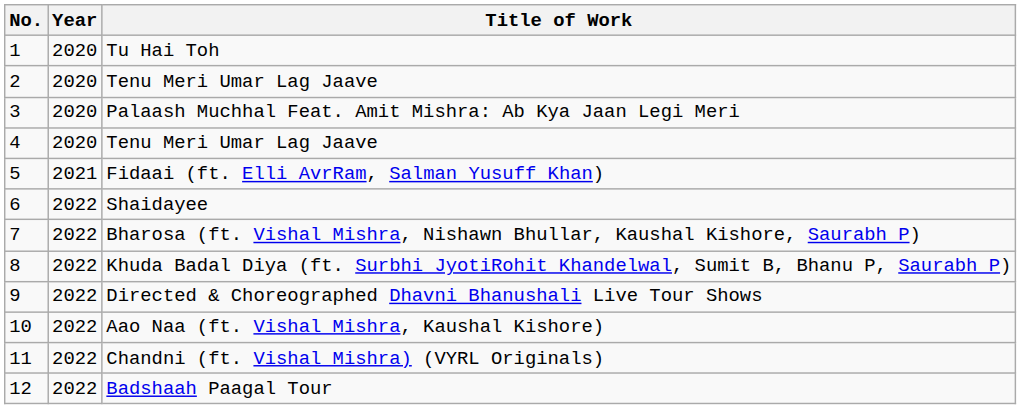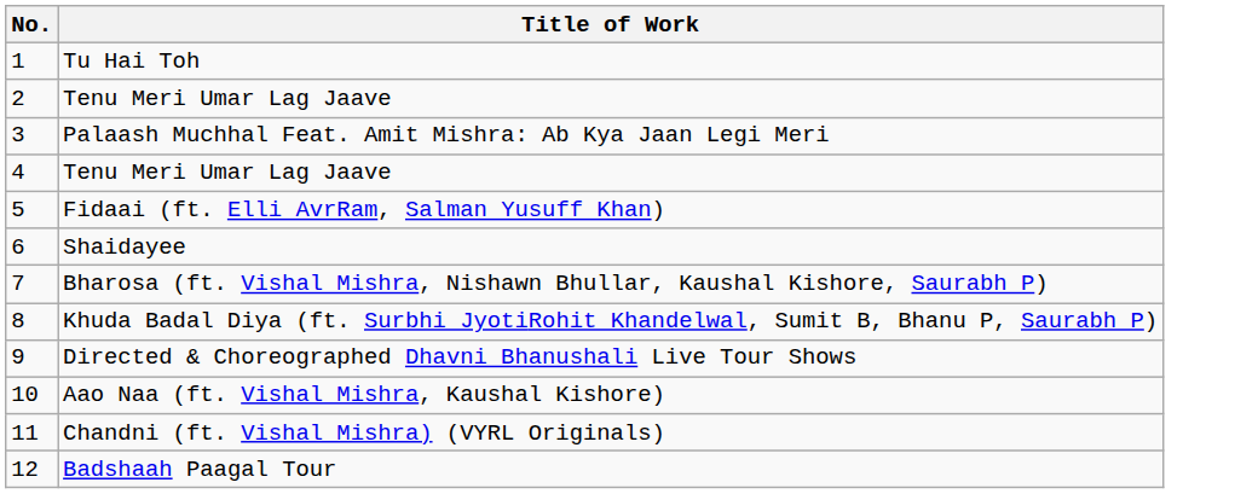 <table class="wikitable">
 <tr>
 <th>No.</th>
-<th>Year</th>
 <th>Title of Work</th>
 </tr>
 <tr>
 <td>1</td>
-<td>2020</td>
 <td>Tu Hai Toh</td>
 </tr>
 <tr>
 <td>2</td>
-<td>2020</td>
 <td>Tenu Meri Umar Lag Jaave</td>
 </tr>
 <tr>
 <td>3</td>
-<td>2020</td>
 <td>Palaash Muchhal Feat. Amit Mishra: Ab Kya Jaan Legi Meri</td>
 </tr>
 <tr>
 <td>4</td>
-<td>2020</td>
 <td>Tenu Meri Umar Lag Jaave</td>
 </tr>
 <tr>
 <td>5</td>
-<td>2021</td>
 <td>Fidaai (ft. <a href='#'>Elli AvrRam</a>, <a href='#'>Salman Yusuff Khan</a>) </td>
 </tr>
 <tr>
 <td>6</td>
-<td>2022</td>
 <td>Shaidayee</td>
 </tr>
 <tr>
 <td>7</td>
-<td>2022</td>
 <td>Bharosa (ft. <a href='#'>Vishal Mishra</a>, Nishawn Bhullar, Kaushal Kishore, <a href='#'>Saurabh P</a>) </td>
 </tr>
 <tr>
 <td>8</td>
-<td>2022</td>
 <td>Khuda Badal Diya (ft. <a href='#'>Surbhi Jyoti</a><a href='#'>Rohit Khandelwal</a>, Sumit B, Bhanu P, <a href='#'>Saurabh P</a>) </td>
 </tr>
 <tr>
 <td>9</td>
-<td>2022</td>
 <td>Directed & Choreographed <a href='#'>Dhavni Bhanushali</a> Live Tour Shows</td>
 </tr>
 <tr>
 <td>10</td>
-<td>2022</td>
 <td>Aao Naa (ft. <a href='#'>Vishal Mishra</a>, Kaushal Kishore) </td>
 </tr>
 <tr>
 <td>11</td>
-<td>2022</td>
 <td>Chandni (ft. <a href='#'>Vishal Mishra)</a> (VYRL Originals) </td>
 </tr>
 <tr>
 <td>12</td>
-<td>2022</td>
 <td><a href='#'>Badshaah</a> Paagal Tour </td>
 </tr>
 </table>
